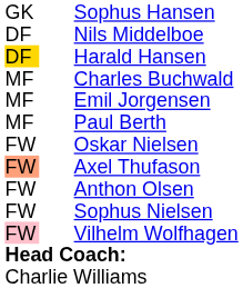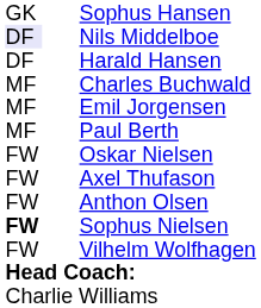 <table style="font-size:90%;margin-left:auto; margin-right:auto;" cellspacing="0" cellpadding="0">
 <tr>
 <th width="25"></th>
 <th width="25"></th>
 </tr>
 <tr>
 <td>GK</td>
 <td></td>
 <td><a href='#'>Sophus Hansen</a></td>
 </tr>
 <tr>
-<td>DF</td>
+<td style="background: lavender;">DF</td>
 <td></td>
 <td><a href='#'>Nils Middelboe</a></td>
 </tr>
 <tr>
-<td style="background: gold;">DF</td>
+<td>DF</td>
 <td></td>
 <td><a href='#'>Harald Hansen</a></td>
 </tr>
 <tr>
 <td>MF</td>
 <td></td>
 <td><a href='#'>Charles Buchwald</a></td>
 </tr>
 <tr>
 <td>MF</td>
 <td></td>
 <td><a href='#'>Emil Jorgensen</a></td>
 </tr>
 <tr>
 <td>MF</td>
 <td></td>
 <td><a href='#'>Paul Berth</a></td>
 </tr>
 <tr>
 <td>FW</td>
 <td></td>
 <td><a href='#'>Oskar Nielsen</a></td>
 </tr>
 <tr>
-<td style="background: lightsalmon;">FW</td>
+<td>FW</td>
 <td></td>
 <td><a href='#'>Axel Thufason</a></td>
 </tr>
 <tr>
 <td>FW</td>
 <td></td>
 <td><a href='#'>Anthon Olsen</a></td>
 </tr>
 <tr>
-<td>FW</td>
+<td><strong>FW</strong></td>
 <td></td>
 <td><a href='#'>Sophus Nielsen</a></td>
 </tr>
 <tr>
-<td style="background: pink;">FW</td>
+<td>FW</td>
 <td></td>
 <td><a href='#'>Vilhelm Wolfhagen</a></td>
 </tr>
 <tr>
 <td colspan="4"><strong>Head Coach:</strong></td>
 </tr>
 <tr>
 <td colspan="4">Charlie Williams</td>
 </tr>
 </table>
